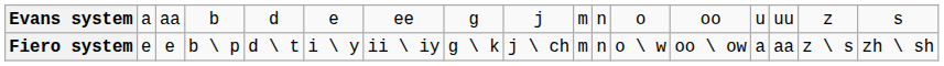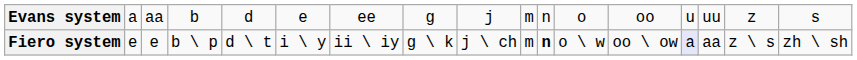 <table class="wikitable">
 <tr>
 <th>Evans system</th>
 <td align="center">a</td>
 <td align="center">aa</td>
 <td align="center">b</td>
 <td align="center">d</td>
 <td align="center">e</td>
 <td align="center">ee</td>
 <td align="center">g</td>
 <td align="center">j</td>
 <td align="center">m</td>
 <td align="center">n</td>
 <td align="center">o</td>
 <td align="center">oo</td>
 <td align="center">u</td>
 <td align="center">uu</td>
 <td align="center">z</td>
 <td align="center">s</td>
 </tr>
 <tr>
 <th>Fiero system</th>
 <td align="center">e </td>
 <td align="center">e </td>
 <td align="center">b \ p</td>
 <td align="center">d \ t</td>
 <td align="center">i \ y</td>
 <td align="center">ii \ iy</td>
 <td align="center">g \ k</td>
 <td align="center">j \ ch</td>
 <td align="center">m</td>
-<td align="center">n</td>
+<td align="center"><strong>n</strong></td>
 <td align="center">o \ w</td>
 <td align="center">oo \ ow</td>
-<td align="center">a</td>
+<td align="center" style="background: lavender;">a</td>
 <td align="center">aa</td>
 <td align="center">z \ s</td>
 <td align="center">zh \ sh</td>
 </tr>
 </table>
